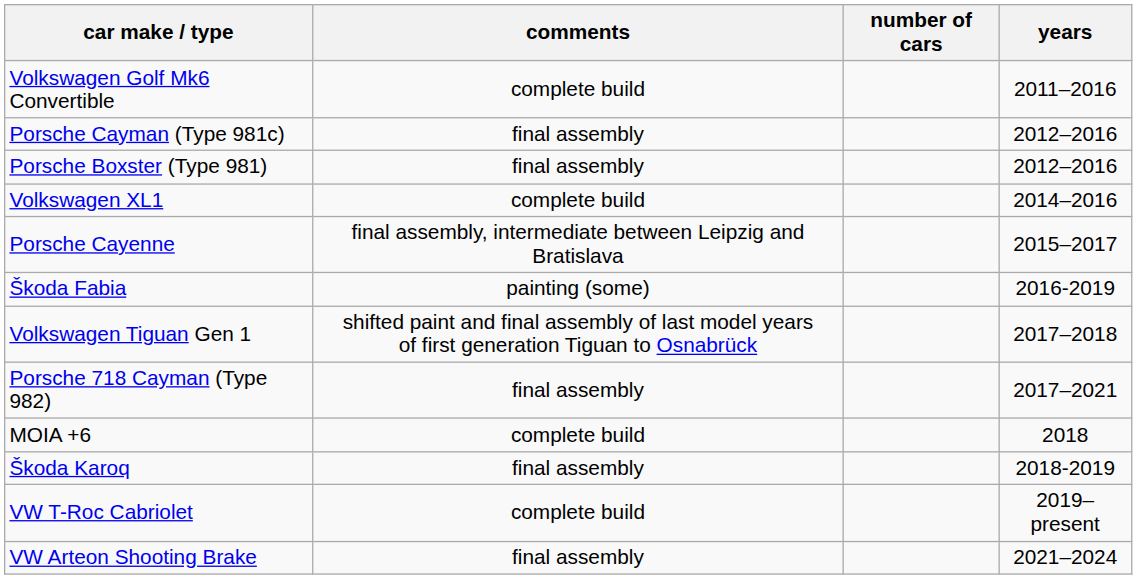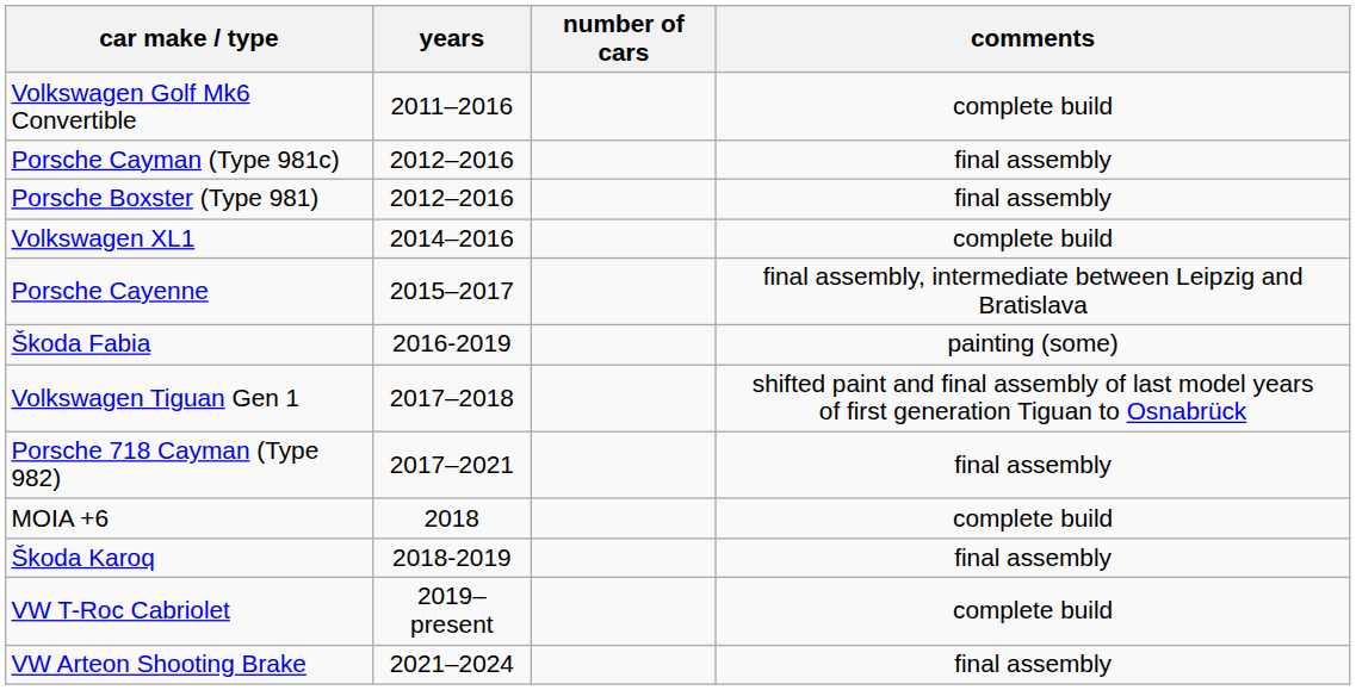 <table class="wikitable sortable" style="text-align:center; cell-align:top;">
 <tr>
 <th>car make / type</th>
+<th>years</th>
+<th>number of cars</th>
 <th class="unsortable">comments</th>
-<th>number of cars</th>
-<th>years</th>
 </tr>
 <tr>
 <td align="left"><a href='#'>Volkswagen Golf Mk6</a> Convertible</td>
+<td>2011–2016</td>
+<td></td>
 <td>complete build</td>
-<td></td>
-<td>2011–2016</td>
 </tr>
 <tr>
 <td align="left"><a href='#'>Porsche Cayman</a> (Type 981c)</td>
+<td>2012–2016</td>
+<td></td>
 <td>final assembly</td>
-<td></td>
-<td>2012–2016</td>
 </tr>
 <tr>
 <td align="left"><a href='#'>Porsche Boxster</a> (Type 981)</td>
+<td>2012–2016</td>
+<td></td>
 <td>final assembly</td>
-<td></td>
-<td>2012–2016</td>
 </tr>
 <tr>
 <td align="left"><a href='#'>Volkswagen XL1</a></td>
+<td>2014–2016</td>
+<td></td>
 <td>complete build</td>
-<td></td>
-<td>2014–2016</td>
 </tr>
 <tr>
 <td align="left"><a href='#'>Porsche Cayenne</a></td>
+<td>2015–2017</td>
+<td></td>
 <td>final assembly, intermediate between Leipzig and Bratislava</td>
-<td></td>
-<td>2015–2017</td>
 </tr>
 <tr>
 <td align="left"><a href='#'>Škoda Fabia</a></td>
+<td>2016-2019</td>
+<td></td>
 <td>painting (some)</td>
-<td></td>
-<td>2016-2019</td>
 </tr>
 <tr>
 <td align="left"><a href='#'>Volkswagen Tiguan</a> Gen 1</td>
+<td>2017–2018</td>
+<td></td>
 <td>shifted paint and final assembly of last model years <br> of first generation Tiguan to <a href='#'>Osnabrück</a></td>
-<td></td>
-<td>2017–2018</td>
 </tr>
 <tr>
 <td align="left"><a href='#'>Porsche 718 Cayman</a> (Type 982)</td>
+<td>2017–2021</td>
+<td></td>
 <td>final assembly</td>
-<td></td>
-<td>2017–2021</td>
 </tr>
 <tr>
 <td align="left">MOIA +6</td>
+<td>2018</td>
+<td></td>
 <td>complete build</td>
-<td></td>
-<td>2018</td>
 </tr>
 <tr>
 <td align="left"><a href='#'>Škoda Karoq</a></td>
+<td>2018-2019</td>
+<td></td>
 <td>final assembly</td>
-<td></td>
-<td>2018-2019</td>
 </tr>
 <tr>
 <td align="left"><a href='#'>VW T-Roc Cabriolet</a></td>
+<td>2019–present</td>
+<td></td>
 <td>complete build</td>
-<td></td>
-<td>2019–present</td>
 </tr>
 <tr>
 <td align="left"><a href='#'>VW Arteon Shooting Brake</a></td>
+<td>2021–2024</td>
+<td></td>
 <td>final assembly</td>
-<td></td>
-<td>2021–2024</td>
 </tr>
 </table>
